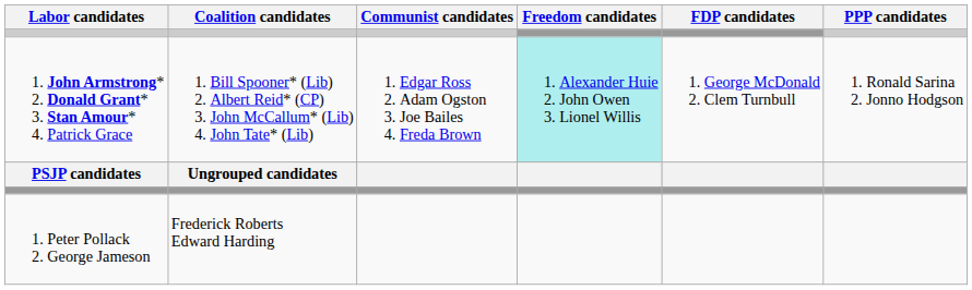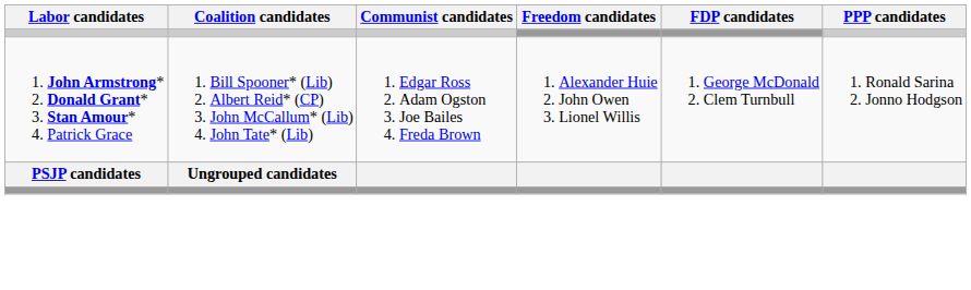 <table class="wikitable">
 <tr>
 <th><a href='#'>Labor</a> candidates</th>
 <th><a href='#'>Coalition</a> candidates</th>
 <th><a href='#'>Communist</a> candidates</th>
 <th><a href='#'>Freedom</a> candidates</th>
 <th><a href='#'>FDP</a> candidates</th>
 <th><a href='#'>PPP</a> candidates</th>
 </tr>
 <tr bgcolor="#cccccc">
 <td></td>
 <td></td>
 <td></td>
 <td bgcolor="#999999"></td>
 <td bgcolor="#999999"></td>
 <td></td>
 </tr>
 <tr>
 <td><br><ol><li><strong><a href='#'>John Armstrong</a></strong>*</li><li><strong><a href='#'>Donald Grant</a></strong>*</li><li><strong><a href='#'>Stan Amour</a></strong>*</li><li><a href='#'>Patrick Grace</a></li></ol></td>
 <td><br><ol><li><a href='#'>Bill Spooner</a>* (<a href='#'>Lib</a>)</li><li><a href='#'>Albert Reid</a>* (<a href='#'>CP</a>)</li><li><a href='#'>John McCallum</a>* (<a href='#'>Lib</a>)</li><li><a href='#'>John Tate</a>* (<a href='#'>Lib</a>)</li></ol></td>
 <td valign=top><br><ol><li><a href='#'>Edgar Ross</a></li><li>Adam Ogston</li><li>Joe Bailes</li><li><a href='#'>Freda Brown</a></li></ol></td>
-<td valign=top style="background: paleturquoise;"><br><ol><li><a href='#'>Alexander Huie</a></li><li>John Owen</li><li>Lionel Willis</li></ol></td>
+<td valign=top><br><ol><li><a href='#'>Alexander Huie</a></li><li>John Owen</li><li>Lionel Willis</li></ol></td>
 <td valign=top><br><ol><li><a href='#'>George McDonald</a></li><li>Clem Turnbull</li></ol></td>
 <td valign=top><br><ol><li>Ronald Sarina</li><li>Jonno Hodgson</li></ol></td>
 </tr>
 <tr bgcolor="#cccccc">
 <th><a href='#'>PSJP</a> candidates</th>
 <th>Ungrouped candidates</th>
 <th></th>
 <th></th>
 <th></th>
 <th></th>
 </tr>
 <tr bgcolor="#cccccc">
 <td bgcolor="#999999"></td>
 <td bgcolor="#999999"></td>
 <td bgcolor="#999999"></td>
 <td bgcolor="#999999"></td>
 <td bgcolor="#999999"></td>
 <td bgcolor="#999999"></td>
 </tr>
-<tr>
-<td valign=top><br><ol><li>Peter Pollack</li><li>George Jameson</li></ol></td>
-<td valign=top><br>Frederick Roberts<br> Edward Harding</td>
-<td valign=top></td>
-<td valign=top></td>
-<td valign=top></td>
-<td valign=top></td>
-</tr>
 </table>
